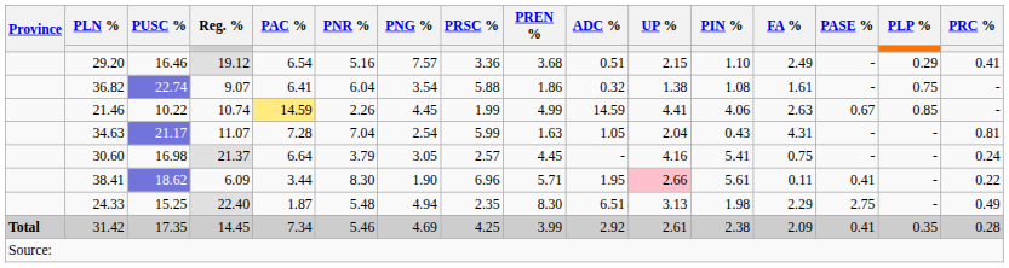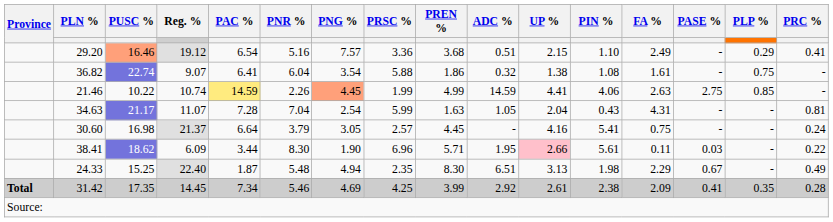 <table class="wikitable sortable" style="text-align:right; font-size:95%">
 <tr>
 <th rowspan=2><a href='#'>Province</a></th>
 <th width=60px><a href='#'>PLN</a> %</th>
 <th width=60px><a href='#'>PUSC</a> %</th>
 <th width=60px>Reg. %</th>
 <th width=60px><a href='#'>PAC</a> %</th>
 <th width=60px><a href='#'>PNR</a> %</th>
 <th width=60px><a href='#'>PNG</a> %</th>
 <th width=60px><a href='#'>PRSC</a> %</th>
 <th width=60px><a href='#'>PREN</a> %</th>
 <th width=60px><a href='#'>ADC</a> %</th>
 <th width=60px><a href='#'>UP</a> %</th>
 <th width=60px><a href='#'>PIN</a> %</th>
 <th width=60px><a href='#'>FA</a> %</th>
 <th width=60px><a href='#'>PASE</a> %</th>
 <th width=60px><a href='#'>PLP</a> %</th>
 <th width=60px><a href='#'>PRC</a> %</th>
 </tr>
 <tr>
 <th style="color:inherit;background:"></th>
 <th style="color:inherit;background:"></th>
 <th style="color:inherit;background:#cfcfcf"></th>
 <th style="color:inherit;background:"></th>
 <th style="color:inherit;background:"></th>
 <th style="color:inherit;background:"></th>
 <th style="color:inherit;background:"></th>
 <th style="color:inherit;background:"></th>
 <th style="color:inherit;background:"></th>
 <th style="color:inherit;background:"></th>
 <th style="color:inherit;background:"></th>
 <th style="color:inherit;background:"></th>
 <th style="color:inherit;background:"></th>
 <th style="color:inherit;background:#FF7300"></th>
 <th style="color:inherit;background:"></th>
 </tr>
 <tr>
 <td align="left"></td>
 <td style="background:">29.20</td>
-<td>16.46</td>
+<td style="background: lightsalmon;">16.46</td>
 <td style="background:#E0E0E0; color:black;">19.12</td>
 <td>6.54</td>
 <td>5.16</td>
 <td>7.57</td>
 <td>3.36</td>
 <td>3.68</td>
 <td>0.51</td>
 <td>2.15</td>
 <td>1.10</td>
 <td>2.49</td>
 <td>-</td>
 <td>0.29</td>
 <td>0.41</td>
 </tr>
 <tr>
 <td align="left"></td>
 <td style="background:">36.82</td>
 <td style="background:#7373dc; color:white;">22.74</td>
 <td>9.07</td>
 <td>6.41</td>
 <td>6.04</td>
 <td>3.54</td>
 <td>5.88</td>
 <td>1.86</td>
 <td>0.32</td>
 <td>1.38</td>
 <td>1.08</td>
 <td>1.61</td>
 <td>-</td>
 <td>0.75</td>
 <td>-</td>
 </tr>
 <tr>
 <td align="left"></td>
 <td style="background:">21.46</td>
 <td>10.22</td>
 <td>10.74</td>
 <td style="background:#FFEB7F; color:black;">14.59</td>
 <td>2.26</td>
-<td>4.45</td>
+<td style="background: lightsalmon;">4.45</td>
 <td>1.99</td>
 <td>4.99</td>
 <td>14.59</td>
 <td>4.41</td>
 <td>4.06</td>
 <td>2.63</td>
-<td>0.67</td>
+<td>2.75</td>
 <td>0.85</td>
 <td>-</td>
 </tr>
 <tr>
 <td align="left"></td>
 <td style="background:">34.63</td>
 <td style="background:#7373dc; color:white;">21.17</td>
 <td>11.07</td>
 <td>7.28</td>
 <td>7.04</td>
 <td>2.54</td>
 <td>5.99</td>
 <td>1.63</td>
 <td>1.05</td>
 <td>2.04</td>
 <td>0.43</td>
 <td>4.31</td>
 <td>-</td>
 <td>-</td>
 <td>0.81</td>
 </tr>
 <tr>
 <td align="left"></td>
 <td style="background:">30.60</td>
 <td>16.98</td>
 <td style="background:#E0E0E0; color:black;">21.37</td>
 <td>6.64</td>
 <td>3.79</td>
 <td>3.05</td>
 <td>2.57</td>
 <td>4.45</td>
 <td>-</td>
 <td>4.16</td>
 <td>5.41</td>
 <td>0.75</td>
 <td>-</td>
 <td>-</td>
 <td>0.24</td>
 </tr>
 <tr>
 <td align="left"></td>
 <td style="background:">38.41</td>
 <td style="background:#7373dc; color:white;">18.62</td>
 <td>6.09</td>
 <td>3.44</td>
 <td>8.30</td>
 <td>1.90</td>
 <td>6.96</td>
 <td>5.71</td>
 <td>1.95</td>
 <td style="background: pink;">2.66</td>
 <td>5.61</td>
 <td>0.11</td>
-<td>0.41</td>
+<td>0.03</td>
 <td>-</td>
 <td>0.22</td>
 </tr>
 <tr>
 <td align="left"></td>
 <td style="background:">24.33</td>
 <td>15.25</td>
 <td style="background:#E0E0E0; color:black;">22.40</td>
 <td>1.87</td>
 <td>5.48</td>
 <td>4.94</td>
 <td>2.35</td>
 <td>8.30</td>
 <td>6.51</td>
 <td>3.13</td>
 <td>1.98</td>
 <td>2.29</td>
-<td>2.75</td>
+<td>0.67</td>
 <td>-</td>
 <td>0.49</td>
 </tr>
 <tr style="background:#CDCDCD;">
 <td align="left"><strong>Total</strong></td>
 <td style="background:">31.42</td>
 <td>17.35</td>
 <td>14.45</td>
 <td>7.34</td>
 <td>5.46</td>
 <td>4.69</td>
 <td>4.25</td>
 <td>3.99</td>
 <td>2.92</td>
 <td>2.61</td>
 <td>2.38</td>
 <td>2.09</td>
 <td>0.41</td>
 <td>0.35</td>
 <td>0.28</td>
 </tr>
 <tr>
 <td align=left colspan=16>Source:  </td>
 </tr>
 </table>
